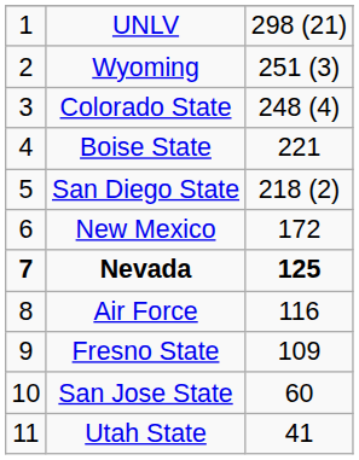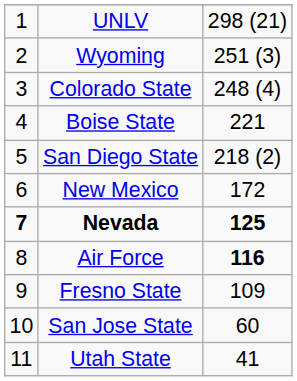 <table class="wikitable">
 <tr align=center>
 </tr>
 <tr align="center">
 <td>1</td>
 <td><a href='#'>UNLV</a></td>
 <td>298 (21)</td>
 </tr>
 <tr align="center">
 <td>2</td>
 <td><a href='#'>Wyoming</a></td>
 <td>251 (3)</td>
 </tr>
 <tr align="center">
 <td>3</td>
 <td><a href='#'>Colorado State</a></td>
 <td>248 (4)</td>
 </tr>
 <tr align="center">
 <td>4</td>
 <td><a href='#'>Boise State</a></td>
 <td>221</td>
 </tr>
 <tr align="center">
 <td>5</td>
 <td><a href='#'>San Diego State</a></td>
 <td>218 (2)</td>
 </tr>
 <tr align="center">
 <td>6</td>
 <td><a href='#'>New Mexico</a></td>
 <td>172</td>
 </tr>
 <tr align="center">
 <td><strong>7</strong></td>
 <td><strong>Nevada</strong></td>
 <td><strong>125</strong></td>
 </tr>
 <tr align="center">
 <td>8</td>
 <td><a href='#'>Air Force</a></td>
-<td>116</td>
+<td><strong>116</strong></td>
 </tr>
 <tr align="center">
 <td>9</td>
 <td><a href='#'>Fresno State</a></td>
 <td>109</td>
 </tr>
 <tr align="center">
 <td>10</td>
 <td><a href='#'>San Jose State</a></td>
 <td>60</td>
 </tr>
 <tr align="center">
 <td>11</td>
 <td><a href='#'>Utah State</a></td>
 <td>41</td>
 </tr>
 </table>
